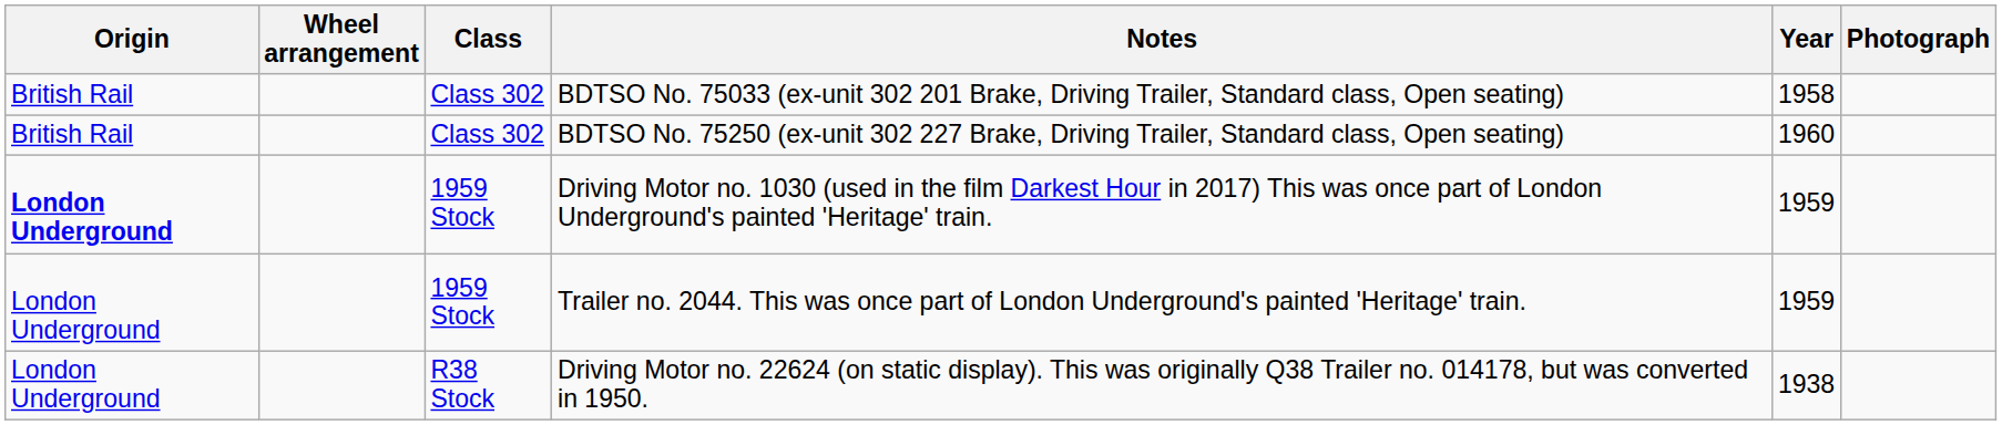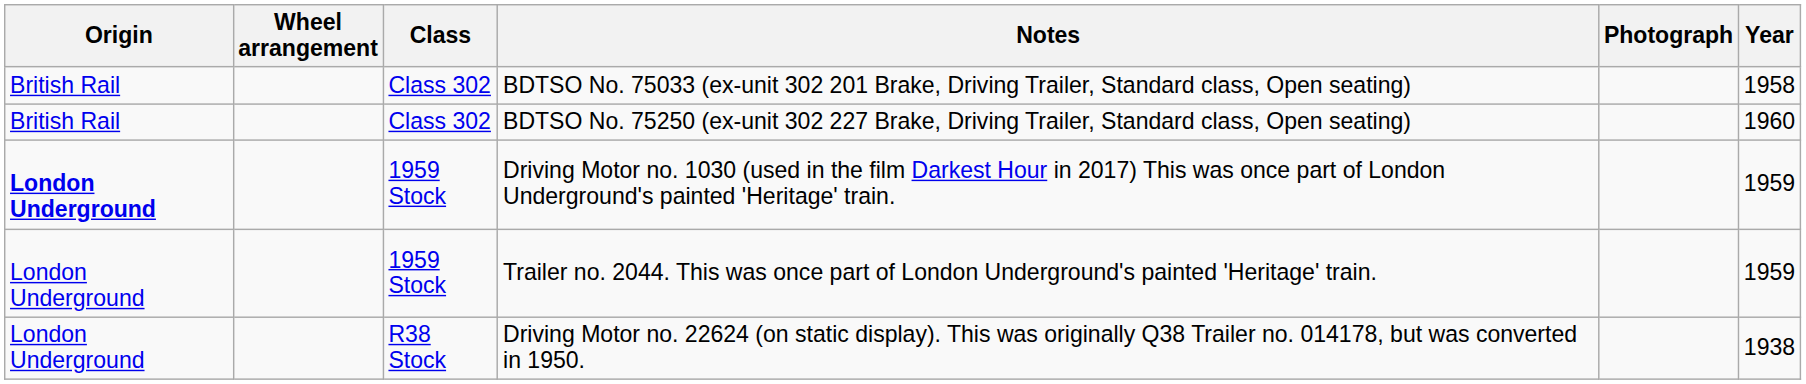 <table class="wikitable">
 <tr>
 <th>Origin</th>
 <th>Wheel<br>arrangement</th>
 <th>Class</th>
 <th>Notes</th>
+<th>Photograph</th>
 <th>Year</th>
-<th>Photograph</th>
 </tr>
 <tr>
 <td><a href='#'>British Rail</a></td>
 <td></td>
 <td><a href='#'>Class 302</a></td>
 <td>BDTSO No. 75033 (ex-unit 302 201 Brake, Driving Trailer, Standard class, Open seating)</td>
+<td></td>
 <td>1958</td>
-<td></td>
 </tr>
 <tr>
 <td><a href='#'>British Rail</a></td>
 <td></td>
 <td><a href='#'>Class 302</a></td>
 <td>BDTSO No. 75250 (ex-unit 302 227 Brake, Driving Trailer, Standard class, Open seating)</td>
+<td></td>
 <td>1960</td>
-<td></td>
 </tr>
 <tr>
 <td><strong><br><a href='#'>London Underground</a></strong></td>
 <td></td>
 <td><a href='#'>1959 Stock</a></td>
 <td>Driving Motor no. 1030 (used in the film <a href='#'>Darkest Hour</a> in 2017)  This was once part of London Underground's painted 'Heritage' train.</td>
+<td></td>
 <td>1959</td>
-<td></td>
 </tr>
 <tr>
 <td><br><a href='#'>London Underground</a></td>
 <td></td>
 <td><a href='#'>1959 Stock</a></td>
 <td>Trailer no. 2044. This was once part of London Underground's painted 'Heritage' train.</td>
+<td></td>
 <td>1959</td>
-<td></td>
 </tr>
 <tr>
 <td><a href='#'>London Underground</a></td>
 <td></td>
 <td><a href='#'>R38 Stock</a></td>
 <td>Driving Motor no. 22624 (on static display). This was originally Q38 Trailer no. 014178, but was converted in 1950.</td>
+<td></td>
 <td>1938</td>
-<td></td>
 </tr>
 </table>
